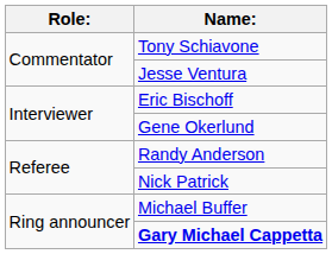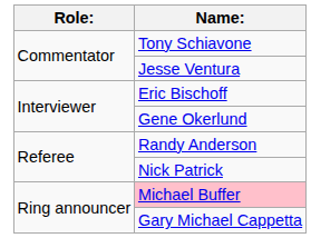 <table class=wikitable style="font-size:90%; margin: 0.5em 0 0.5em 1em; float: right; clear: right;">
 <tr>
 <th>Role:</th>
 <th>Name:</th>
 </tr>
 <tr>
 <td rowspan=2>Commentator</td>
 <td><a href='#'>Tony Schiavone</a></td>
 </tr>
 <tr>
 <td><a href='#'>Jesse Ventura</a></td>
 </tr>
 <tr>
 <td rowspan=2>Interviewer</td>
 <td><a href='#'>Eric Bischoff</a></td>
 </tr>
 <tr>
 <td><a href='#'>Gene Okerlund</a></td>
 </tr>
 <tr>
 <td rowspan=2>Referee</td>
 <td><a href='#'>Randy Anderson</a></td>
 </tr>
 <tr>
 <td><a href='#'>Nick Patrick</a></td>
 </tr>
 <tr>
 <td rowspan=2>Ring announcer</td>
-<td><a href='#'>Michael Buffer</a></td>
+<td style="background: pink;"><a href='#'>Michael Buffer</a></td>
 </tr>
 <tr>
-<td><strong><a href='#'>Gary Michael Cappetta</a></strong></td>
+<td><a href='#'>Gary Michael Cappetta</a></td>
 </tr>
 </table>
